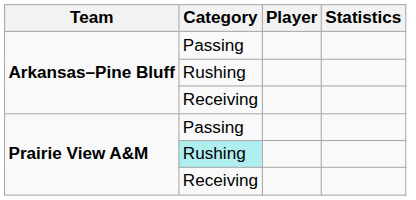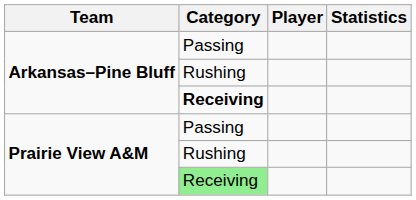 <table class="wikitable" style="float: left;">
 <tr>
 <th>Team</th>
 <th>Category</th>
 <th>Player</th>
 <th>Statistics</th>
 </tr>
 <tr>
 <td rowspan=3><strong>Arkansas–Pine Bluff</strong></td>
 <td>Passing</td>
 <td> </td>
 <td> </td>
 </tr>
 <tr>
 <td>Rushing</td>
 <td> </td>
 <td> </td>
 </tr>
 <tr>
-<td>Receiving</td>
+<td><strong>Receiving</strong></td>
 <td> </td>
 <td> </td>
 </tr>
 <tr>
 <td rowspan=3><strong>Prairie View A&M</strong></td>
 <td>Passing</td>
 <td> </td>
 <td> </td>
 </tr>
 <tr>
-<td style="background: paleturquoise;">Rushing</td>
+<td>Rushing</td>
 <td> </td>
 <td> </td>
 </tr>
 <tr>
-<td>Receiving</td>
+<td style="background: lightgreen;">Receiving</td>
 <td> </td>
 <td> </td>
 </tr>
 </table>
